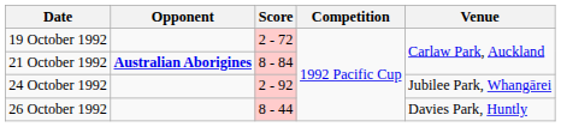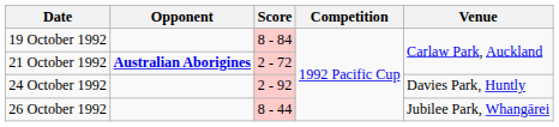 <table class="wikitable">
 <tr>
 <th>Date</th>
 <th>Opponent</th>
 <th>Score</th>
 <th>Competition</th>
 <th>Venue</th>
 </tr>
 <tr>
 <td>19 October 1992</td>
 <td></td>
-<td bgcolor="#FFCCCC" style="text-align:center;">2 - 72</td>
+<td bgcolor="#FFCCCC" style="text-align:center;">8 - 84</td>
 <td rowspan="4"><a href='#'>1992 Pacific Cup</a></td>
 <td rowspan="2"> <a href='#'>Carlaw Park</a>, <a href='#'>Auckland</a></td>
 </tr>
 <tr>
 <td>21 October 1992</td>
 <td><strong> <a href='#'>Australian Aborigines</a></strong></td>
-<td bgcolor="#FFCCCC" style="text-align:center;">8 - 84</td>
+<td bgcolor="#FFCCCC" style="text-align:center;">2 - 72</td>
 </tr>
 <tr>
 <td>24 October 1992</td>
 <td></td>
 <td bgcolor="#FFCCCC" style="text-align:center;">2 - 92</td>
-<td> Jubilee Park, <a href='#'>Whangārei</a></td>
+<td> Davies Park, <a href='#'>Huntly</a></td>
 </tr>
 <tr>
 <td>26 October 1992</td>
 <td></td>
 <td bgcolor="#FFCCCC" style="text-align:center;">8 - 44</td>
-<td> Davies Park, <a href='#'>Huntly</a></td>
+<td> Jubilee Park, <a href='#'>Whangārei</a></td>
 </tr>
 </table>
